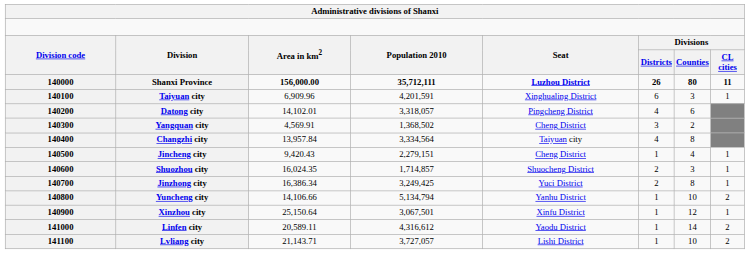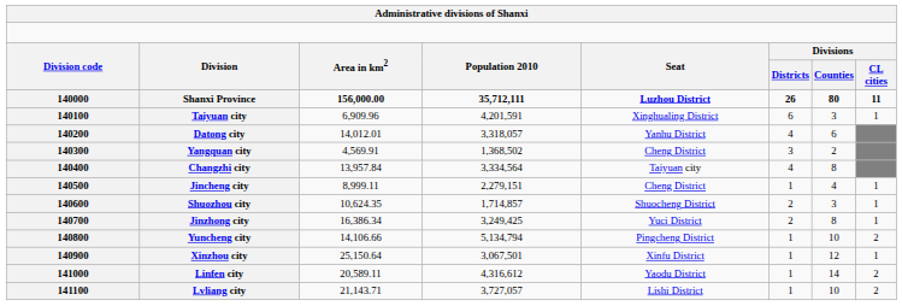 <table class="wikitable" style="margin:1em auto 1em auto; width:90%; font-size:smaller; text-align:center">
 <tr>
 <th colspan="9">Administrative divisions of Shanxi</th>
 </tr>
 <tr>
 <td colspan="9" style="font-size:larger"><div><br>             </div></td>
 </tr>
 <tr>
 <th ! scope="col" rowspan="2"><a href='#'>Division code</a></th>
 <th ! scope="col" rowspan="2">Division</th>
 <th ! scope="col" rowspan="2">Area in km<sup>2</sup></th>
 <th ! scope="col" rowspan="2">Population 2010</th>
 <th ! scope="col" rowspan="2">Seat</th>
 <th ! scope="col" colspan="3">Divisions</th>
 </tr>
 <tr>
 <th ! scope="col" style="width:45px;"><a href='#'>Districts</a></th>
 <th ! scope="col" style="width:45px;"><a href='#'>Counties</a></th>
 <th ! scope="col" style="width:45px;"><a href='#'>CL cities</a></th>
 </tr>
 <tr style="font-weight: bold">
 <th>140000</th>
 <th>Shanxi Province</th>
 <td>156,000.00</td>
 <td>35,712,111</td>
 <td><a href='#'>Luzhou District</a></td>
 <td>26</td>
 <td>80</td>
 <td>11</td>
 </tr>
 <tr>
 <th>140100</th>
 <th><a href='#'>Taiyuan</a> city</th>
 <td>6,909.96</td>
 <td>4,201,591</td>
 <td><a href='#'>Xinghualing District</a></td>
 <td>6</td>
 <td>3</td>
 <td>1</td>
 </tr>
 <tr>
 <th>140200</th>
 <th><a href='#'>Datong</a> city</th>
-<td>14,102.01</td>
+<td>14,012.01</td>
 <td>3,318,057</td>
-<td><a href='#'>Pingcheng District</a></td>
+<td><a href='#'>Yanhu District</a></td>
 <td>4</td>
 <td>6</td>
 <td style="background:gray;"></td>
 </tr>
 <tr>
 <th>140300</th>
 <th><a href='#'>Yangquan</a> city</th>
 <td>4,569.91</td>
 <td>1,368,502</td>
 <td><a href='#'>Cheng District</a></td>
 <td>3</td>
 <td>2</td>
 <td style="background:gray;"></td>
 </tr>
 <tr>
 <th>140400</th>
 <th><a href='#'>Changzhi</a> city</th>
 <td>13,957.84</td>
 <td>3,334,564</td>
 <td><a href='#'>Taiyuan</a> city</td>
 <td>4</td>
 <td>8</td>
 <td style="background:gray;"></td>
 </tr>
 <tr>
 <th>140500</th>
 <th><a href='#'>Jincheng</a> city</th>
-<td>9,420.43</td>
+<td>8,999.11</td>
 <td>2,279,151</td>
 <td><a href='#'>Cheng District</a></td>
 <td>1</td>
 <td>4</td>
 <td>1</td>
 </tr>
 <tr>
 <th>140600</th>
 <th><a href='#'>Shuozhou</a> city</th>
-<td>16,024.35</td>
+<td>10,624.35</td>
 <td>1,714,857</td>
 <td><a href='#'>Shuocheng District</a></td>
 <td>2</td>
 <td>3</td>
 <td>1</td>
 </tr>
 <tr>
 <th>140700</th>
 <th><a href='#'>Jinzhong</a> city</th>
 <td>16,386.34</td>
 <td>3,249,425</td>
 <td><a href='#'>Yuci District</a></td>
 <td>2</td>
 <td>8</td>
 <td>1</td>
 </tr>
 <tr>
 <th>140800</th>
 <th><a href='#'>Yuncheng</a> city</th>
 <td>14,106.66</td>
 <td>5,134,794</td>
-<td><a href='#'>Yanhu District</a></td>
+<td><a href='#'>Pingcheng District</a></td>
 <td>1</td>
 <td>10</td>
 <td>2</td>
 </tr>
 <tr>
 <th>140900</th>
 <th><a href='#'>Xinzhou</a> city</th>
 <td>25,150.64</td>
 <td>3,067,501</td>
 <td><a href='#'>Xinfu District</a></td>
 <td>1</td>
 <td>12</td>
 <td>1</td>
 </tr>
 <tr>
 <th>141000</th>
 <th><a href='#'>Linfen</a> city</th>
 <td>20,589.11</td>
 <td>4,316,612</td>
 <td><a href='#'>Yaodu District</a></td>
 <td>1</td>
 <td>14</td>
 <td>2</td>
 </tr>
 <tr>
 <th>141100</th>
 <th><a href='#'>Lvliang</a> city</th>
 <td>21,143.71</td>
 <td>3,727,057</td>
 <td><a href='#'>Lishi District</a></td>
 <td>1</td>
 <td>10</td>
 <td>2</td>
 </tr>
 </table>
